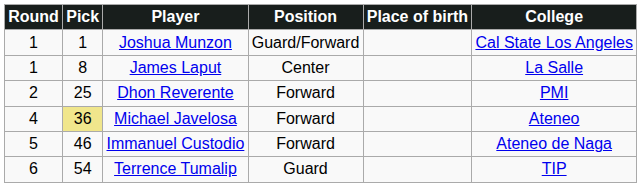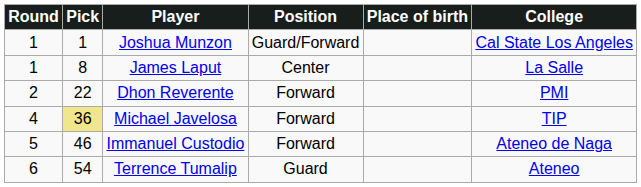 <table class="wikitable sortable sortable" style="text-align: center">
 <tr>
 <th style="background:#181E1C; color:#FFFFFF; ">Round</th>
 <th style="background:#181E1C; color:#FFFFFF; ">Pick</th>
 <th style="background:#181E1C; color:#FFFFFF; ">Player</th>
 <th style="background:#181E1C; color:#FFFFFF; ">Position</th>
 <th style="background:#181E1C; color:#FFFFFF; ">Place of birth</th>
 <th style="background:#181E1C; color:#FFFFFF; ">College</th>
 </tr>
 <tr>
 <td>1</td>
 <td>1</td>
 <td><a href='#'>Joshua Munzon</a></td>
 <td>Guard/Forward</td>
 <td></td>
 <td><a href='#'>Cal State Los Angeles</a></td>
 </tr>
 <tr>
 <td>1</td>
 <td>8</td>
 <td><a href='#'>James Laput</a></td>
 <td>Center</td>
 <td></td>
 <td><a href='#'>La Salle</a></td>
 </tr>
 <tr>
 <td>2</td>
-<td>25</td>
+<td>22</td>
 <td><a href='#'>Dhon Reverente</a></td>
 <td>Forward</td>
 <td></td>
 <td><a href='#'>PMI</a></td>
 </tr>
 <tr>
 <td>4</td>
 <td style="background: khaki;">36</td>
 <td><a href='#'>Michael Javelosa</a></td>
 <td>Forward</td>
 <td></td>
-<td><a href='#'>Ateneo</a></td>
+<td><a href='#'>TIP</a></td>
 </tr>
 <tr>
 <td>5</td>
 <td>46</td>
 <td><a href='#'>Immanuel Custodio</a></td>
 <td>Forward</td>
 <td></td>
 <td><a href='#'>Ateneo de Naga</a></td>
 </tr>
 <tr>
 <td>6</td>
 <td>54</td>
 <td><a href='#'>Terrence Tumalip</a></td>
 <td>Guard</td>
 <td></td>
-<td><a href='#'>TIP</a></td>
+<td><a href='#'>Ateneo</a></td>
 </tr>
 </table>
